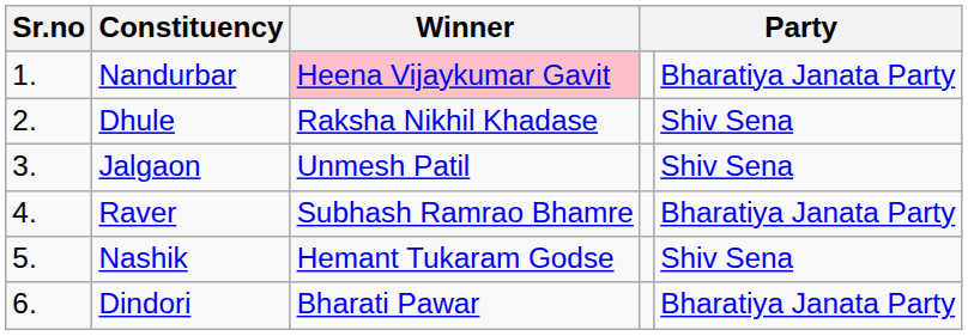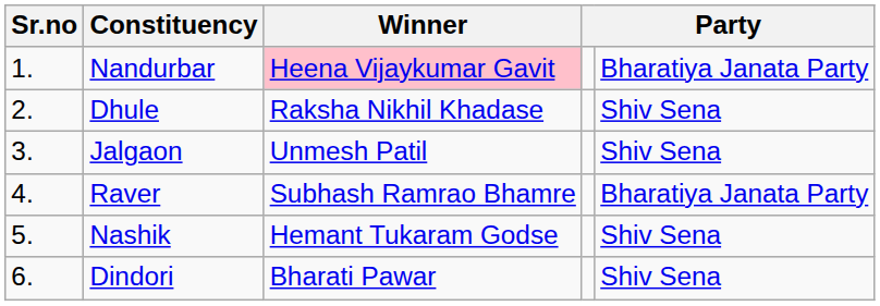 <table class="wikitable sortable">
 <tr>
 <th>Sr.no</th>
 <th>Constituency</th>
 <th>Winner</th>
 <th colspan=2>Party</th>
 </tr>
 <tr>
 <td>1.</td>
 <td><a href='#'>Nandurbar</a></td>
 <td style="background: pink;"><a href='#'>Heena Vijaykumar Gavit</a></td>
 <td style="background-color:"></td>
 <td><a href='#'>Bharatiya Janata Party</a></td>
 </tr>
 <tr>
 <td>2.</td>
 <td><a href='#'>Dhule</a></td>
 <td><a href='#'>Raksha Nikhil Khadase</a></td>
 <td style="background-color:"></td>
 <td><a href='#'>Shiv Sena</a></td>
 </tr>
 <tr>
 <td>3.</td>
 <td><a href='#'>Jalgaon</a></td>
 <td><a href='#'>Unmesh Patil</a></td>
 <td style="background-color:"></td>
 <td><a href='#'>Shiv Sena</a></td>
 </tr>
 <tr>
 <td>4.</td>
 <td><a href='#'>Raver</a></td>
 <td><a href='#'>Subhash Ramrao Bhamre</a></td>
 <td style="background-color:"></td>
 <td><a href='#'>Bharatiya Janata Party</a></td>
 </tr>
 <tr>
 <td>5.</td>
 <td><a href='#'>Nashik</a></td>
 <td><a href='#'>Hemant Tukaram Godse</a></td>
 <td style="background-color: "></td>
 <td><a href='#'>Shiv Sena</a></td>
 </tr>
 <tr>
 <td>6.</td>
 <td><a href='#'>Dindori</a></td>
 <td><a href='#'>Bharati Pawar</a></td>
 <td style="background-color:"></td>
-<td><a href='#'>Bharatiya Janata Party</a></td>
+<td><a href='#'>Shiv Sena</a></td>
 </tr>
 </table>
